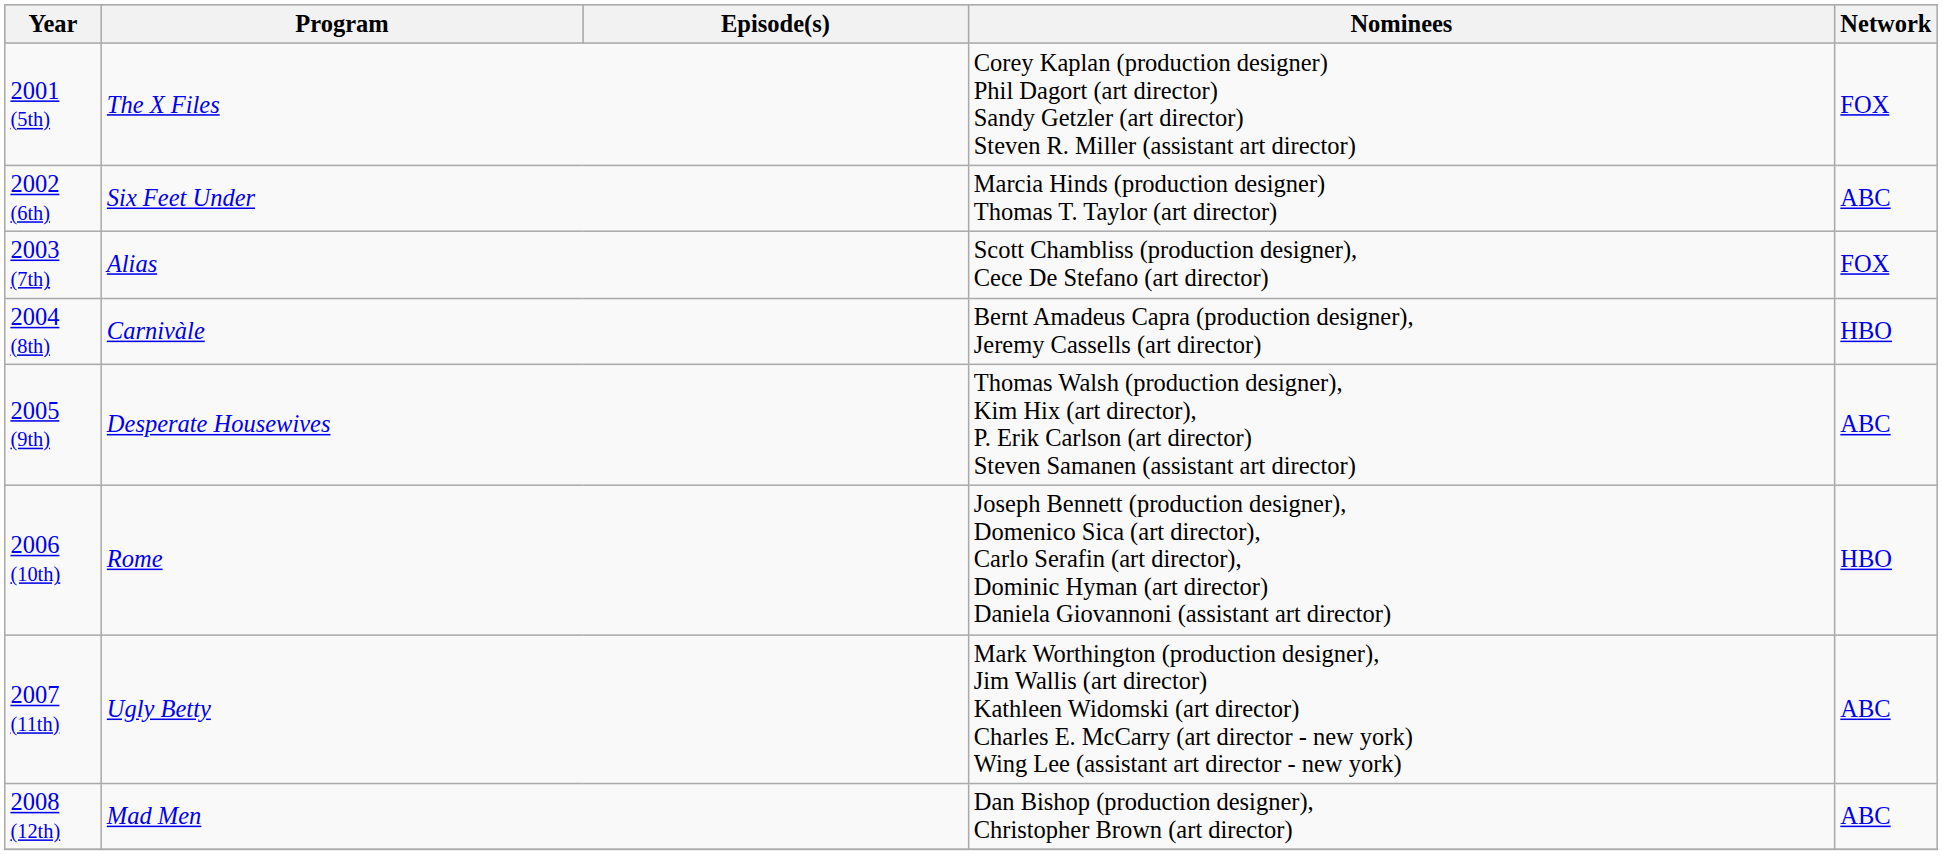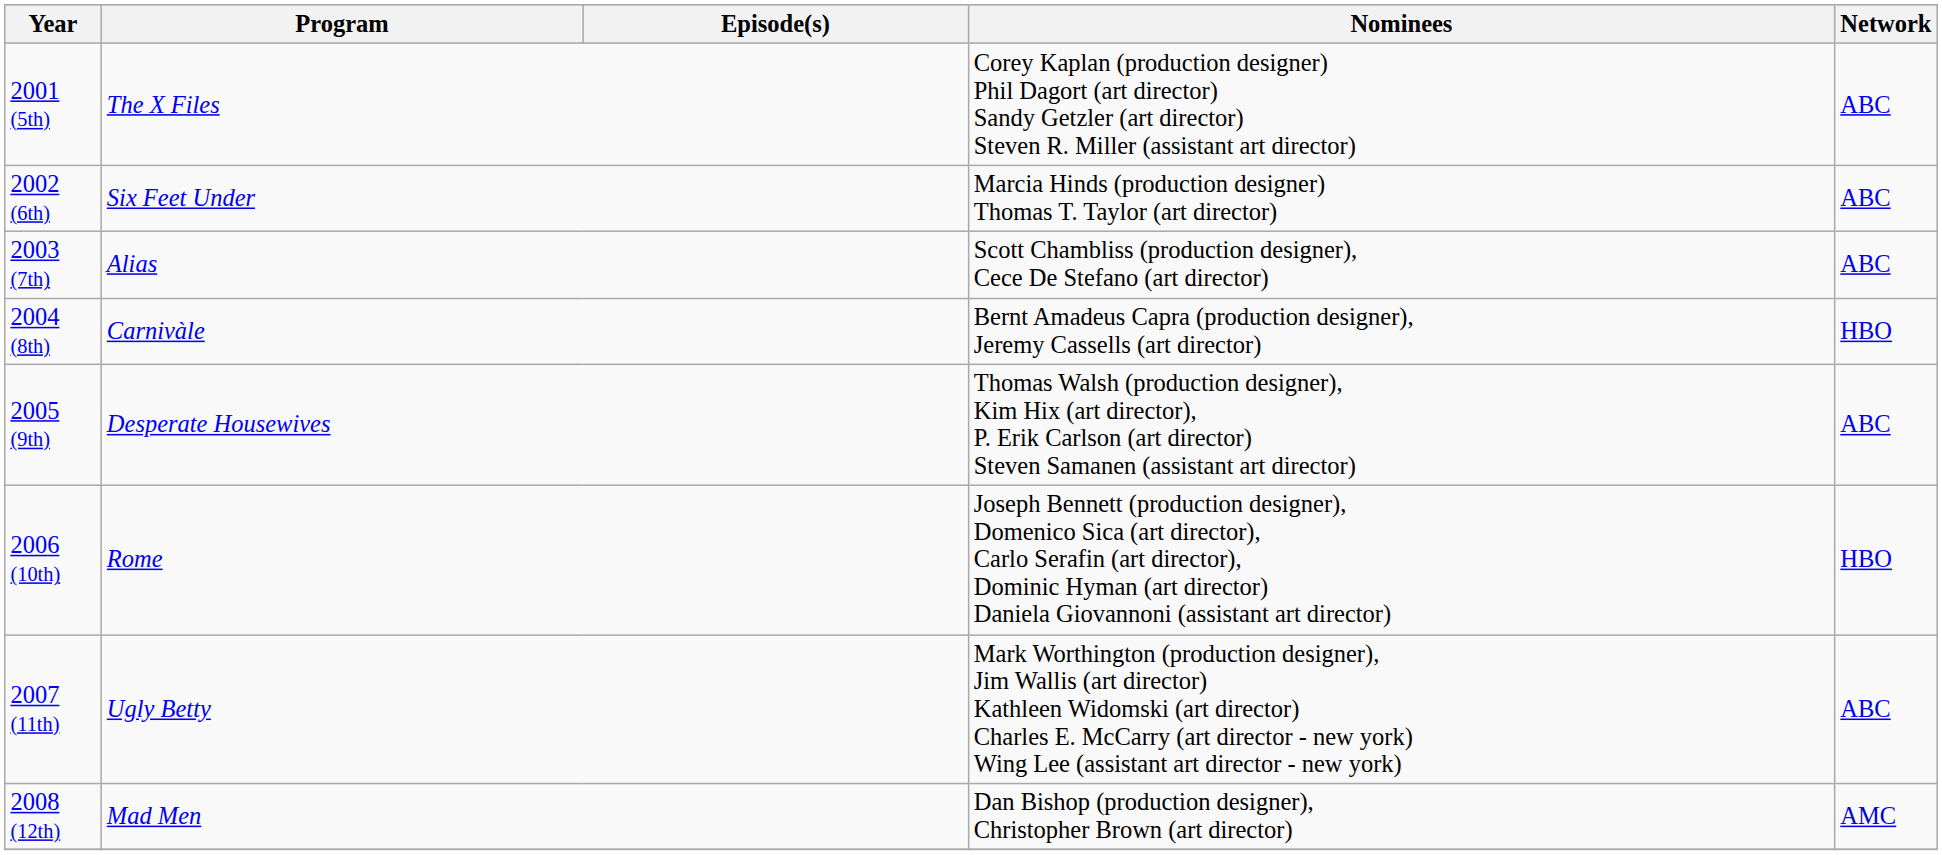 <table class="wikitable" style="width:100%">
 <tr bgcolor="#bebebe">
 <th width="5%">Year</th>
 <th width="25%">Program</th>
 <th width="20%">Episode(s)</th>
 <th width="45%">Nominees</th>
 <th width="5%">Network</th>
 </tr>
 <tr style="background:">
 <td><a href='#'>2001</a><br><small><a href='#'>(5th)</a></small><br></td>
 <td colspan="2"><em><a href='#'>The X Files</a></em></td>
 <td>Corey Kaplan (production designer)<br>Phil Dagort (art director)<br>Sandy Getzler (art director)<br>Steven R. Miller (assistant art director)</td>
-<td><a href='#'>FOX</a></td>
+<td><a href='#'>ABC</a></td>
 </tr>
 <tr style="background:">
 <td><a href='#'>2002</a><br><small><a href='#'>(6th)</a></small><br></td>
 <td colspan="2"><em><a href='#'>Six Feet Under</a></em></td>
 <td>Marcia Hinds (production designer)<br>Thomas T. Taylor (art director)</td>
 <td><a href='#'>ABC</a></td>
 </tr>
 <tr style="background:">
 <td><a href='#'>2003</a><br><small><a href='#'>(7th)</a></small><br></td>
 <td colspan="2"><em><a href='#'>Alias</a></em></td>
 <td>Scott Chambliss (production designer),<br>Cece De Stefano (art director)</td>
-<td><a href='#'>FOX</a></td>
+<td><a href='#'>ABC</a></td>
 </tr>
 <tr style="background:">
 <td><a href='#'>2004</a><br><small><a href='#'>(8th)</a></small><br></td>
 <td colspan="2"><em><a href='#'>Carnivàle</a></em></td>
 <td>Bernt Amadeus Capra (production designer),<br>Jeremy Cassells (art director)</td>
 <td><a href='#'>HBO</a></td>
 </tr>
 <tr style="background:">
 <td><a href='#'>2005</a><br><small><a href='#'>(9th)</a></small><br></td>
 <td colspan="2"><em><a href='#'>Desperate Housewives</a></em></td>
 <td>Thomas Walsh (production designer),<br>Kim Hix (art director),<br>P. Erik Carlson (art director)<br>Steven Samanen (assistant art director)</td>
 <td><a href='#'>ABC</a></td>
 </tr>
 <tr style="background:">
 <td><a href='#'>2006</a><br><small><a href='#'>(10th)</a></small><br></td>
 <td colspan="2"><em><a href='#'>Rome</a></em></td>
 <td>Joseph Bennett (production designer),<br>Domenico Sica (art director),<br>Carlo Serafin (art director),<br>Dominic Hyman (art director)<br>Daniela Giovannoni (assistant art director)</td>
 <td><a href='#'>HBO</a></td>
 </tr>
 <tr style="background:">
 <td><a href='#'>2007</a><br><small><a href='#'>(11th)</a></small><br></td>
 <td colspan="2"><em><a href='#'>Ugly Betty</a></em></td>
 <td>Mark Worthington (production designer),<br>Jim Wallis (art director)<br>Kathleen Widomski (art director)<br>Charles E. McCarry (art director - new york)<br>Wing Lee (assistant art director - new york)</td>
 <td><a href='#'>ABC</a></td>
 </tr>
 <tr style="background:">
 <td><a href='#'>2008</a><br><small><a href='#'>(12th)</a></small><br></td>
 <td colspan="2"><em><a href='#'>Mad Men</a></em></td>
 <td>Dan Bishop (production designer),<br>Christopher Brown (art director)</td>
-<td><a href='#'>ABC</a></td>
+<td><a href='#'>AMC</a></td>
 </tr>
 <tr>
 </tr>
 </table>
